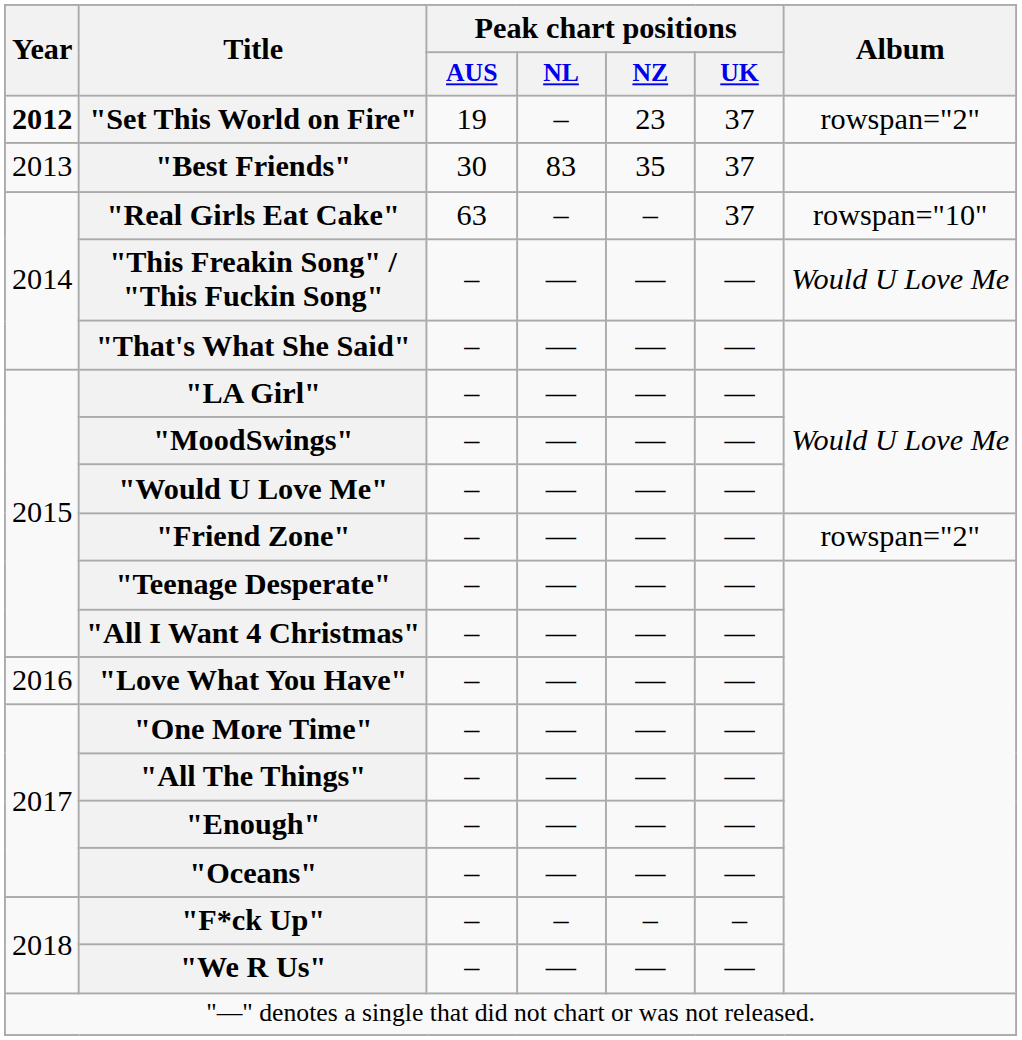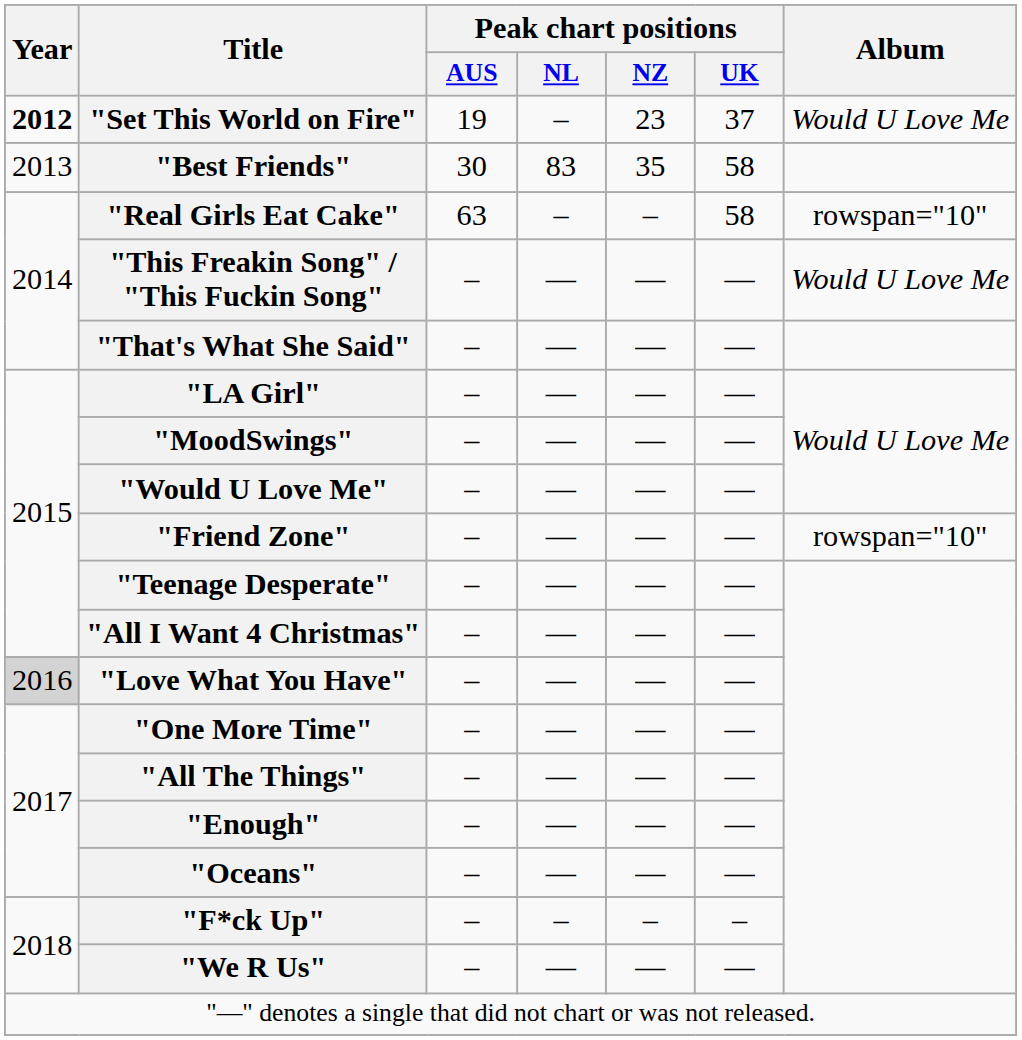 <table class="wikitable plainrowheaders" style="text-align:center;">
 <tr>
 <th scope="col" rowspan="2">Year</th>
 <th scope="col" rowspan="2">Title</th>
 <th scope="col" colspan="4">Peak chart positions</th>
 <th scope="col" rowspan="2">Album</th>
 </tr>
 <tr>
 <th scope="col" style="width:3em;font-size:85%;"><a href='#'>AUS</a><br></th>
 <th scope="col" style="width:3em;font-size:85%;"><a href='#'>NL</a><br></th>
 <th scope="col" style="width:3em;font-size:85%;"><a href='#'>NZ</a><br></th>
 <th scope="col" style="width:3em;font-size:85%;"><a href='#'>UK</a></th>
 </tr>
 <tr>
 <td><strong>2012</strong></td>
 <th scope="row">"Set This World on Fire"</th>
 <td>19</td>
 <td>–</td>
 <td>23</td>
 <td>37</td>
-<td>rowspan="2" </td>
+<td><em>Would U Love Me</em></td>
 </tr>
 <tr>
 <td>2013</td>
 <th scope="row">"Best Friends"</th>
 <td>30</td>
 <td>83</td>
 <td>35</td>
-<td>37</td>
+<td>58</td>
 </tr>
 <tr>
 <td rowspan=3>2014</td>
 <th scope="row">"Real Girls Eat Cake"</th>
 <td>63</td>
 <td>–</td>
 <td>–</td>
-<td>37</td>
+<td>58</td>
 <td>rowspan="10" </td>
 </tr>
 <tr>
 <th scope="row">"This Freakin Song" / <br>"This Fuckin Song"</th>
 <td>–</td>
 <td>—</td>
 <td>—</td>
 <td>—</td>
 <td><em>Would U Love Me</em></td>
 </tr>
 <tr>
 <th scope="row">"That's What She Said"</th>
 <td>–</td>
 <td>—</td>
 <td>—</td>
 <td>—</td>
 </tr>
 <tr>
 <td rowspan="6">2015</td>
 <th scope="row">"LA Girl"</th>
 <td>–</td>
 <td>—</td>
 <td>—</td>
 <td>—</td>
 <td rowspan="3"><em>Would U Love Me</em></td>
 </tr>
 <tr>
 <th scope="row">"MoodSwings"</th>
 <td>–</td>
 <td>—</td>
 <td>—</td>
 <td>—</td>
 </tr>
 <tr>
 <th scope="row">"Would U Love Me"</th>
 <td>–</td>
 <td>—</td>
 <td>—</td>
 <td>—</td>
 </tr>
 <tr>
 <th scope="row">"Friend Zone"</th>
 <td>–</td>
 <td>—</td>
 <td>—</td>
 <td>—</td>
-<td>rowspan="2" </td>
+<td>rowspan="10" </td>
 </tr>
 <tr>
 <th scope="row">"Teenage Desperate"</th>
 <td>–</td>
 <td>—</td>
 <td>—</td>
 <td>—</td>
 </tr>
 <tr>
 <th scope="row">"All I Want 4 Christmas"</th>
 <td>–</td>
 <td>—</td>
 <td>—</td>
 <td>—</td>
 </tr>
 <tr>
-<td>2016</td>
+<td style="background: lightgrey;">2016</td>
 <th scope="row">"Love What You Have"</th>
 <td>–</td>
 <td>—</td>
 <td>—</td>
 <td>—</td>
 </tr>
 <tr>
 <td rowspan=4>2017</td>
 <th scope="row">"One More Time"</th>
 <td>–</td>
 <td>—</td>
 <td>—</td>
 <td>—</td>
 </tr>
 <tr>
 <th scope="row">"All The Things"</th>
 <td>–</td>
 <td>—</td>
 <td>—</td>
 <td>—</td>
 </tr>
 <tr>
 <th scope="row">"Enough"</th>
 <td>–</td>
 <td>—</td>
 <td>—</td>
 <td>—</td>
 </tr>
 <tr>
 <th scope="row">"Oceans"</th>
 <td>–</td>
 <td>—</td>
 <td>—</td>
 <td>—</td>
 </tr>
 <tr>
 <td rowspan="2">2018</td>
 <th scope="row">"F*ck Up"</th>
 <td>–</td>
 <td>–</td>
 <td>–</td>
 <td>–</td>
 </tr>
 <tr>
 <th scope="row">"We R Us"</th>
 <td>–</td>
 <td>—</td>
 <td>—</td>
 <td>—</td>
 </tr>
 <tr>
 <td colspan="18" style="font-size:85%">"—" denotes a single that did not chart or was not released.</td>
 </tr>
 </table>
